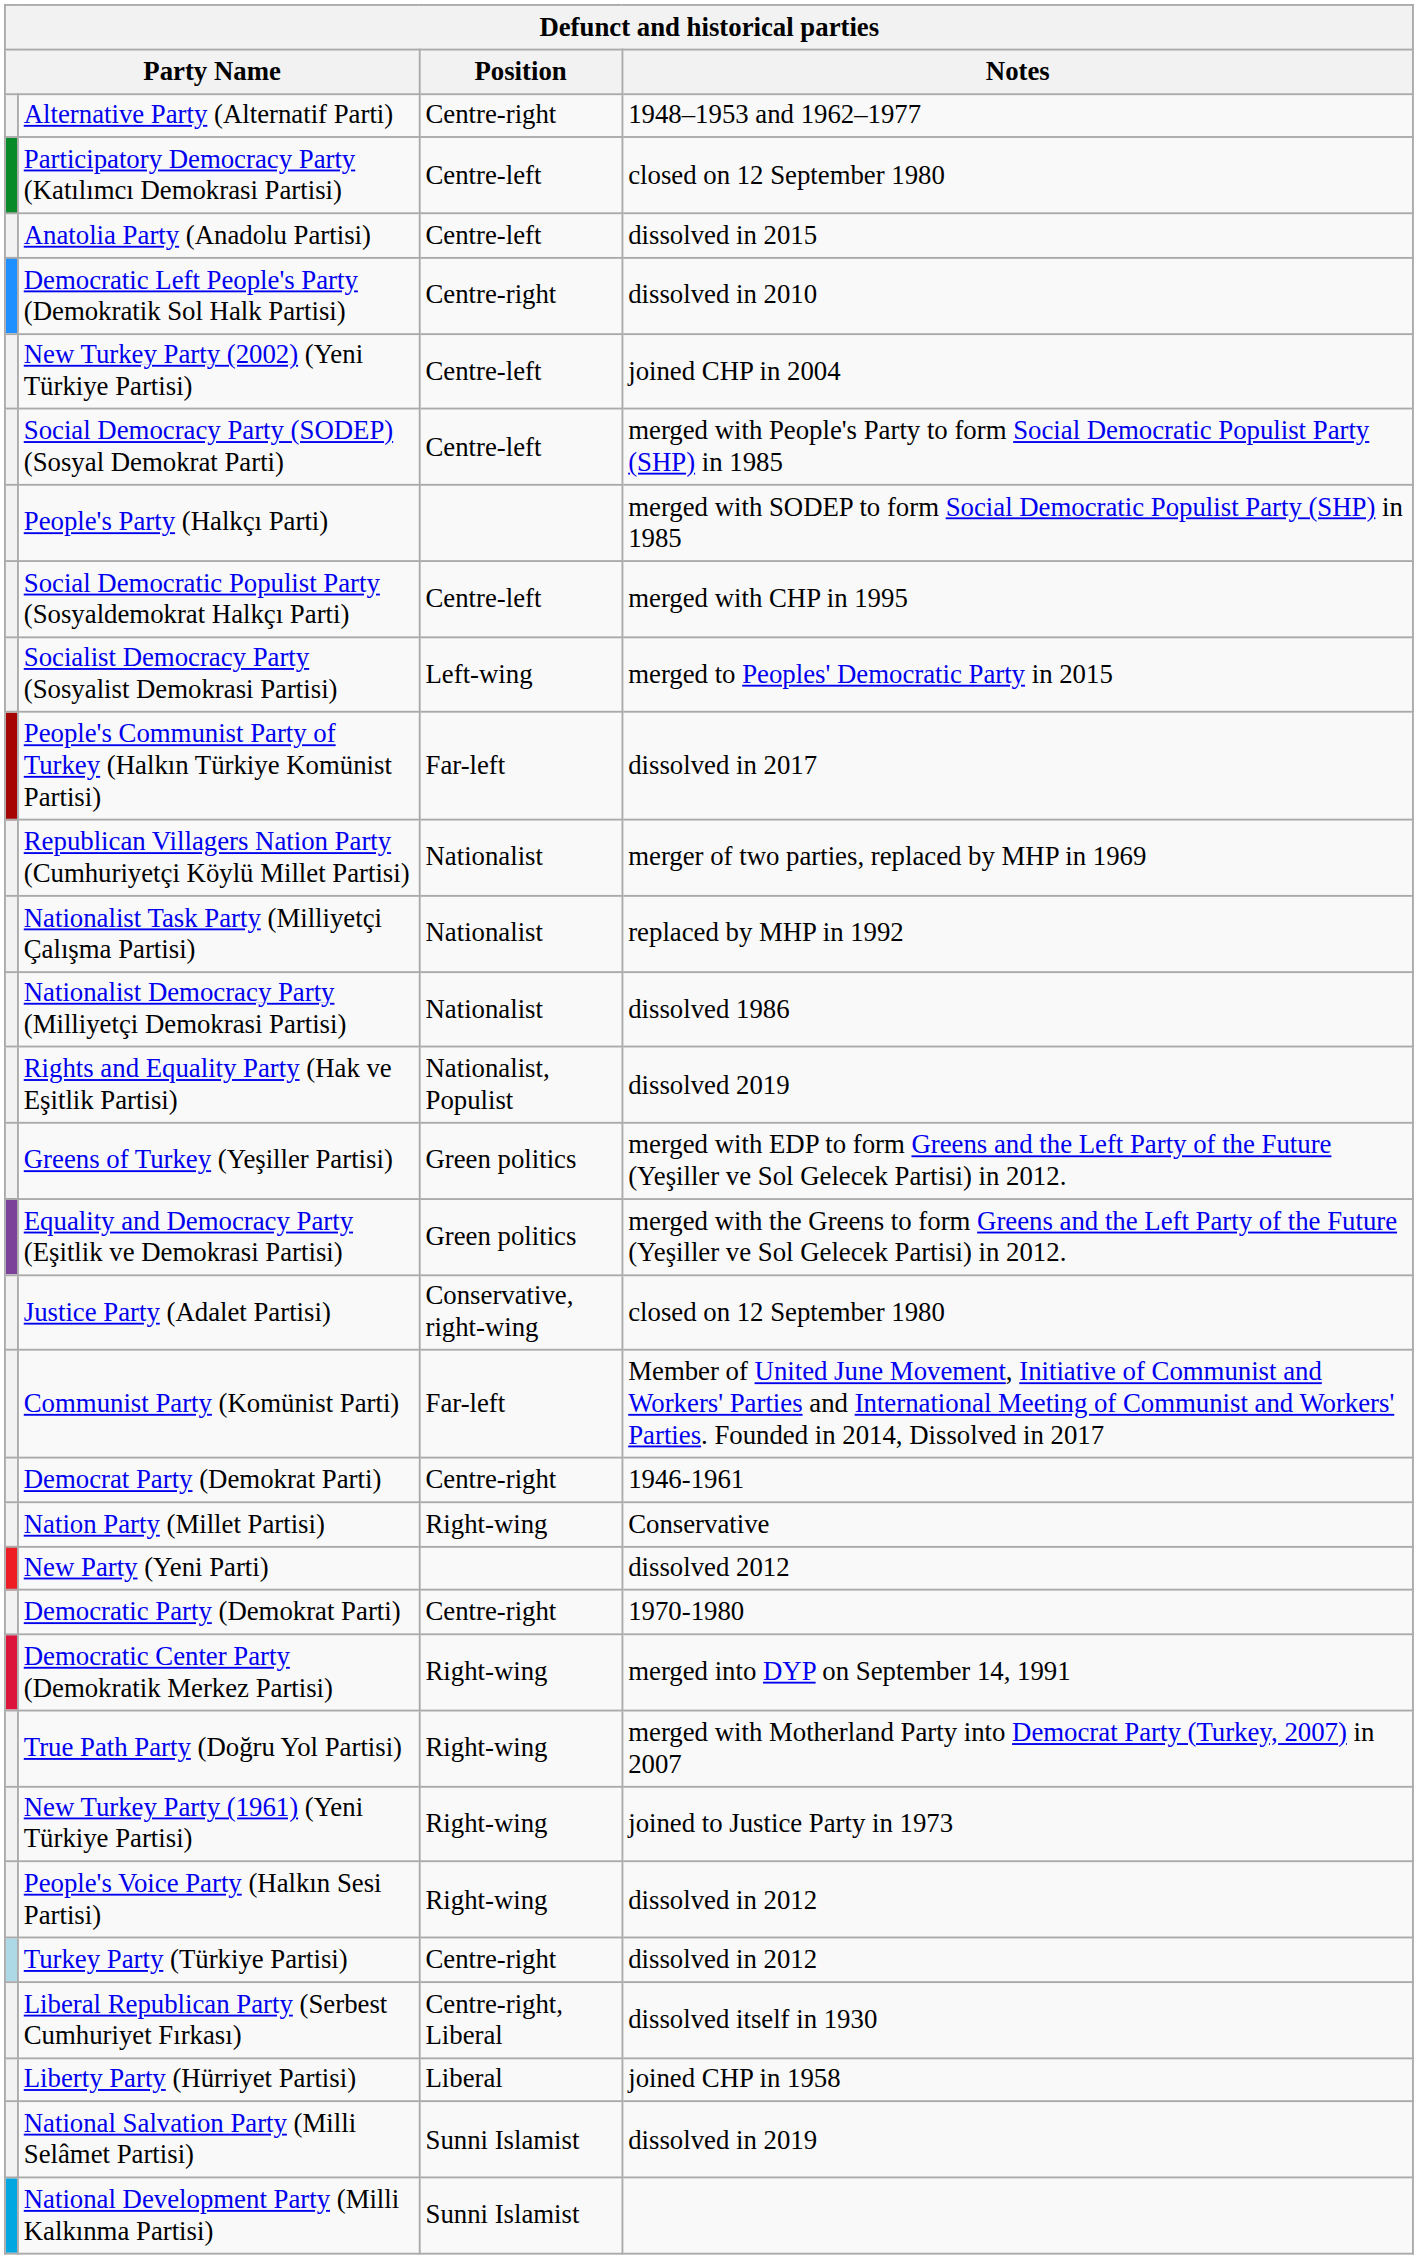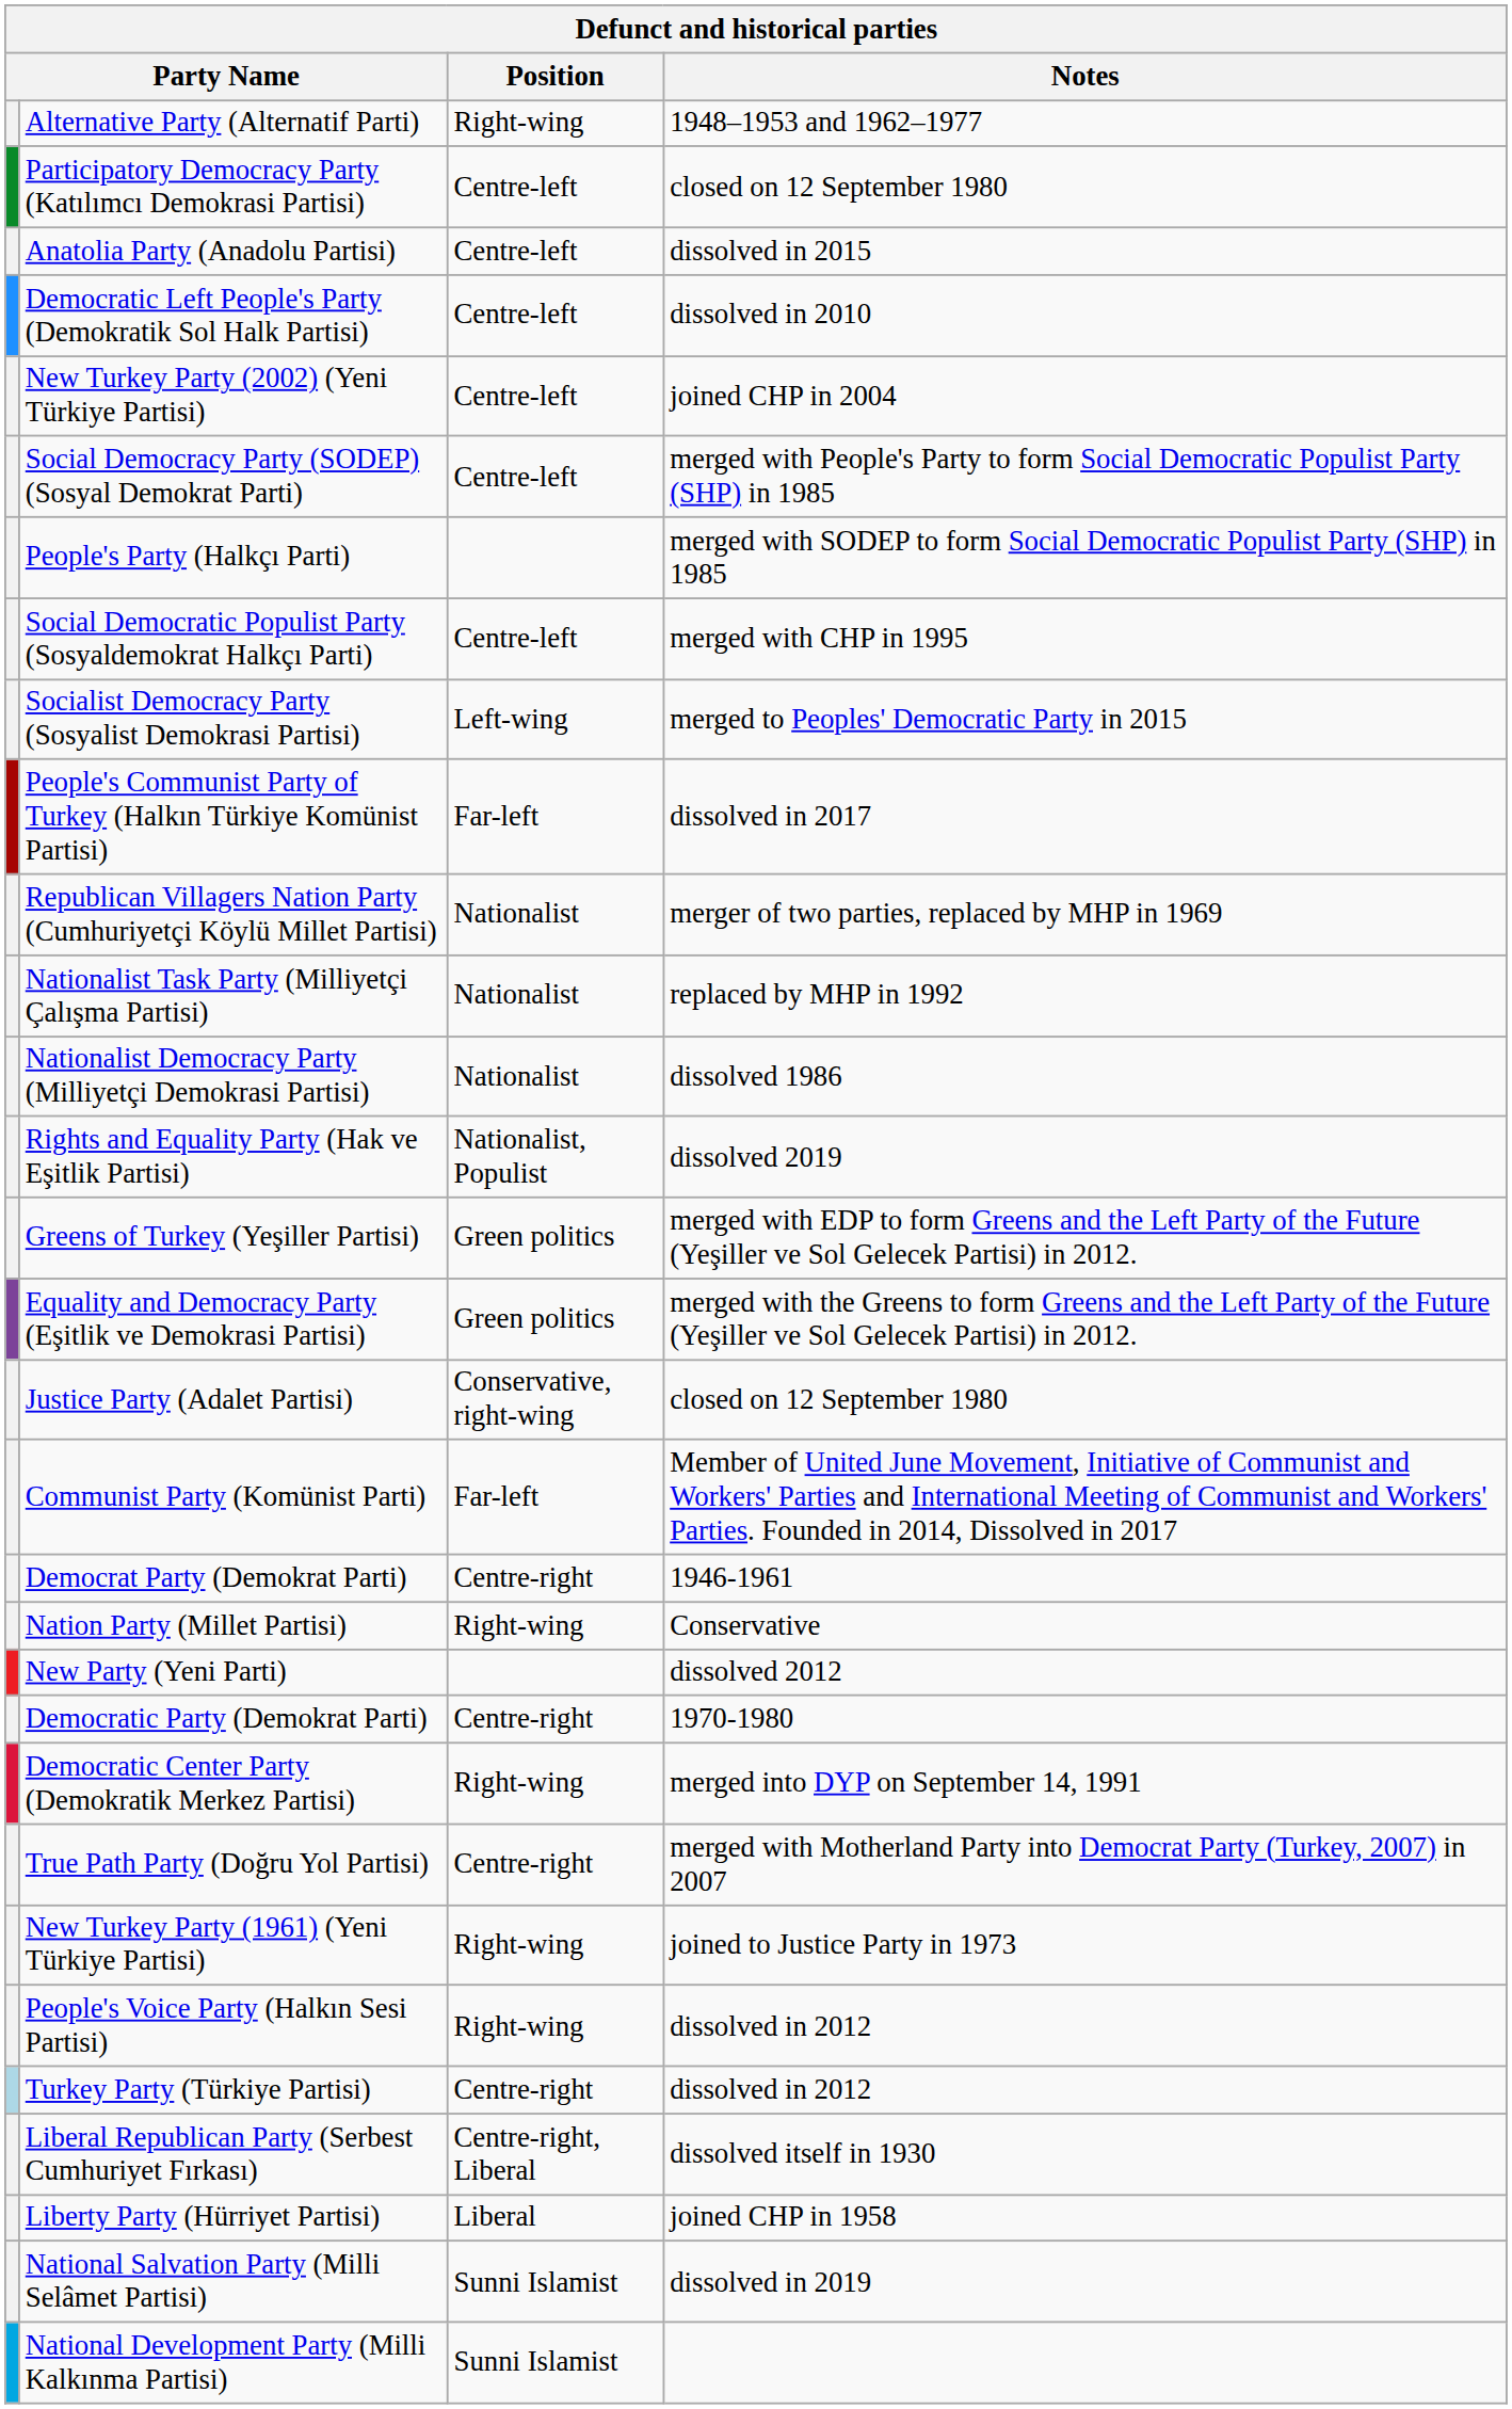 <table class="wikitable sortable" style="text-align:left;;width: 60%;font-size:90%">
 <tr>
 <th colspan="14" style="background-color:#FFFFF; color:black;">Defunct and historical parties</th>
 </tr>
 <tr>
 <th style="background-color:#FFFFF; color:black;" colspan="2">Party Name</th>
 <th style="background-color:#FFFFF; color:black;">Position</th>
 <th style="background-color:#FFFFF; color:black;">Notes</th>
 </tr>
 <tr>
 <th style="background-color:"></th>
 <td><a href='#'>Alternative Party</a> (Alternatif Parti)</td>
-<td>Centre-right</td>
+<td>Right-wing</td>
 <td>1948–1953 and 1962–1977</td>
 </tr>
 <tr>
 <th style="background-color:#088A29"></th>
 <td><a href='#'>Participatory Democracy Party</a> (Katılımcı Demokrasi Partisi)</td>
 <td>Centre-left</td>
 <td>closed on 12 September 1980</td>
 </tr>
 <tr>
 <th style="background-color:"></th>
 <td><a href='#'>Anatolia Party</a> (Anadolu Partisi)</td>
 <td>Centre-left</td>
 <td>dissolved in 2015</td>
 </tr>
 <tr>
 <th style="background-color:#1E90FF"></th>
 <td><a href='#'>Democratic Left People's Party</a> (Demokratik Sol Halk Partisi)</td>
-<td>Centre-right</td>
+<td>Centre-left</td>
 <td>dissolved in 2010</td>
 </tr>
 <tr>
 <th style="background-color:"></th>
 <td><a href='#'>New Turkey Party (2002)</a> (Yeni Türkiye Partisi)</td>
 <td>Centre-left</td>
 <td>joined CHP in 2004</td>
 </tr>
 <tr>
 <th style="background-color:"></th>
 <td><a href='#'>Social Democracy Party (SODEP)</a> (Sosyal Demokrat Parti)</td>
 <td>Centre-left</td>
 <td>merged with People's Party to form <a href='#'>Social Democratic Populist Party (SHP)</a> in 1985</td>
 </tr>
 <tr>
 <th style="background-color:"></th>
 <td><a href='#'>People's Party</a> (Halkçı Parti)</td>
 <td></td>
 <td>merged with SODEP to form <a href='#'>Social Democratic Populist Party (SHP)</a> in 1985</td>
 </tr>
 <tr>
 <th style="background-color:"></th>
 <td><a href='#'>Social Democratic Populist Party</a> (Sosyaldemokrat Halkçı Parti)</td>
 <td>Centre-left</td>
 <td>merged with CHP in 1995</td>
 </tr>
 <tr>
 <th style="background-color:"></th>
 <td><a href='#'>Socialist Democracy Party</a> (Sosyalist Demokrasi Partisi)</td>
 <td>Left-wing</td>
 <td>merged to <a href='#'>Peoples' Democratic Party</a> in 2015</td>
 </tr>
 <tr>
 <th style="background-color:#A60402"></th>
 <td><a href='#'>People's Communist Party of Turkey</a> (Halkın Türkiye Komünist Partisi)</td>
 <td>Far-left</td>
 <td>dissolved in 2017</td>
 </tr>
 <tr>
 <th style="background-color:"></th>
 <td><a href='#'>Republican Villagers Nation Party</a> (Cumhuriyetçi Köylü Millet Partisi)</td>
 <td>Nationalist</td>
 <td>merger of two parties, replaced by MHP in 1969</td>
 </tr>
 <tr>
 <th style="background-color:"></th>
 <td><a href='#'>Nationalist Task Party</a> (Milliyetçi Çalışma Partisi)</td>
 <td>Nationalist</td>
 <td>replaced by MHP in 1992</td>
 </tr>
 <tr>
 <th style="background-color:"></th>
 <td><a href='#'>Nationalist Democracy Party</a> (Milliyetçi Demokrasi Partisi)</td>
 <td>Nationalist</td>
 <td>dissolved 1986</td>
 </tr>
 <tr>
 <th style="background-color:"></th>
 <td><a href='#'>Rights and Equality Party</a> (Hak ve Eşitlik Partisi)</td>
 <td>Nationalist, Populist</td>
 <td>dissolved 2019</td>
 </tr>
 <tr>
 <th style="background-color:"></th>
 <td><a href='#'>Greens of Turkey</a> (Yeşiller Partisi)</td>
 <td>Green politics</td>
 <td>merged with EDP to form <a href='#'>Greens and the Left Party of the Future</a> (Yeşiller ve Sol Gelecek Partisi) in 2012.</td>
 </tr>
 <tr>
 <th style="background-color:#7C4299"></th>
 <td><a href='#'>Equality and Democracy Party</a> (Eşitlik ve Demokrasi Partisi)</td>
 <td>Green politics</td>
 <td>merged with the Greens to form <a href='#'>Greens and the Left Party of the Future</a> (Yeşiller ve Sol Gelecek Partisi) in 2012.</td>
 </tr>
 <tr>
 <th style="background-color:"></th>
 <td><a href='#'>Justice Party</a> (Adalet Partisi)</td>
 <td>Conservative, right-wing</td>
 <td>closed on 12 September 1980</td>
 </tr>
 <tr>
 <th style="background-color:"></th>
 <td><a href='#'>Communist Party</a> (Komünist Parti)</td>
 <td>Far-left</td>
 <td>Member of <a href='#'>United June Movement</a>, <a href='#'>Initiative of Communist and Workers' Parties</a> and <a href='#'>International Meeting of Communist and Workers' Parties</a>. Founded in 2014, Dissolved in 2017</td>
 </tr>
 <tr>
 <th style="background-color:"></th>
 <td><a href='#'>Democrat Party</a> (Demokrat Parti)</td>
 <td>Centre-right</td>
 <td>1946-1961</td>
 </tr>
 <tr>
 <th style="background-color:"></th>
 <td><a href='#'>Nation Party</a> (Millet Partisi)</td>
 <td>Right-wing</td>
 <td>Conservative</td>
 </tr>
 <tr>
 <th style="background-color:#EE1D23"></th>
 <td><a href='#'>New Party</a> (Yeni Parti)</td>
 <td align="center"></td>
 <td>dissolved 2012</td>
 </tr>
 <tr>
 <th style="background-color:"></th>
 <td><a href='#'>Democratic Party</a> (Demokrat Parti)</td>
 <td>Centre-right</td>
 <td>1970-1980</td>
 </tr>
 <tr>
 <th style="background-color:#DC143C"></th>
 <td><a href='#'>Democratic Center Party</a> (Demokratik Merkez Partisi)</td>
 <td>Right-wing</td>
 <td>merged into <a href='#'>DYP</a> on September 14, 1991</td>
 </tr>
 <tr>
 <th style="background-color:"></th>
 <td><a href='#'>True Path Party</a> (Doğru Yol Partisi)</td>
-<td>Right-wing</td>
+<td>Centre-right</td>
 <td>merged with Motherland Party into <a href='#'>Democrat Party (Turkey, 2007)</a> in 2007</td>
 </tr>
 <tr>
 <th style="background-color:"></th>
 <td><a href='#'>New Turkey Party (1961)</a> (Yeni Türkiye Partisi)</td>
 <td>Right-wing</td>
 <td>joined to Justice Party in 1973</td>
 </tr>
 <tr>
 <th style="background-color:"></th>
 <td><a href='#'>People's Voice Party</a> (Halkın Sesi Partisi)</td>
 <td>Right-wing</td>
 <td>dissolved in 2012</td>
 </tr>
 <tr>
 <th style="background-color:#ADD8E6"></th>
 <td><a href='#'>Turkey Party</a> (Türkiye Partisi)</td>
 <td>Centre-right</td>
 <td>dissolved in 2012</td>
 </tr>
 <tr>
 <th style="background-color:"></th>
 <td><a href='#'>Liberal Republican Party</a> (Serbest Cumhuriyet Fırkası)</td>
 <td>Centre-right, Liberal</td>
 <td>dissolved itself in 1930</td>
 </tr>
 <tr>
 <th style="background-color:"></th>
 <td><a href='#'>Liberty Party</a> (Hürriyet Partisi)</td>
 <td>Liberal</td>
 <td>joined CHP in 1958</td>
 </tr>
 <tr>
 <th style="background-color:"></th>
 <td><a href='#'>National Salvation Party</a> (Milli Selâmet Partisi)</td>
 <td>Sunni Islamist</td>
 <td>dissolved in 2019</td>
 </tr>
 <tr>
 <th style="background-color:#01A7E1"></th>
 <td><a href='#'>National Development Party</a> (Milli Kalkınma Partisi)</td>
 <td>Sunni Islamist</td>
 <td></td>
 </tr>
 </table>
